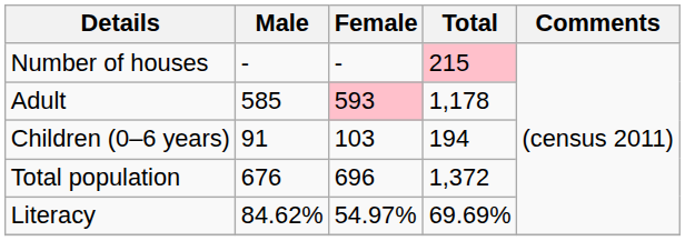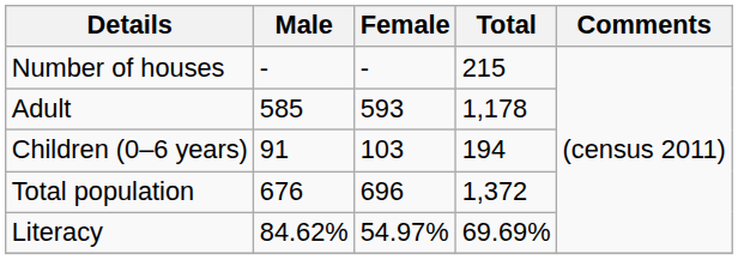 <table class="wikitable sortable">
 <tr>
 <th>Details</th>
 <th>Male</th>
 <th>Female</th>
 <th>Total</th>
 <th>Comments</th>
 </tr>
 <tr>
 <td>Number of houses</td>
 <td>-</td>
 <td>-</td>
-<td style="background: pink;">215</td>
+<td>215</td>
 <td rowspan="5">(census 2011) </td>
 </tr>
 <tr>
 <td>Adult</td>
 <td>585</td>
-<td style="background: pink;">593</td>
+<td>593</td>
 <td>1,178</td>
 </tr>
 <tr>
 <td>Children (0–6 years)</td>
 <td>91</td>
 <td>103</td>
 <td>194</td>
 </tr>
 <tr>
 <td>Total population</td>
 <td>676</td>
 <td>696</td>
 <td>1,372</td>
 </tr>
 <tr>
 <td>Literacy</td>
 <td>84.62%</td>
 <td>54.97%</td>
 <td>69.69%</td>
 </tr>
 <tr>
 </tr>
 </table>
